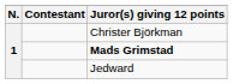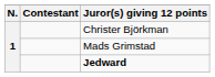 <table class="wikitable plainrowheaders">
 <tr>
 </tr>
 <tr>
 <th scope="col">N.</th>
 <th scope="col">Contestant</th>
 <th scope="col">Juror(s) giving 12 points</th>
 </tr>
 <tr>
 <th scope="row" rowspan="3">1</th>
 <td></td>
 <td>Christer Björkman</td>
 </tr>
 <tr>
 <td></td>
-<td><strong>Mads Grimstad</strong></td>
+<td>Mads Grimstad</td>
 </tr>
 <tr>
 <td></td>
-<td>Jedward</td>
+<td><strong>Jedward</strong></td>
 </tr>
 </table>
